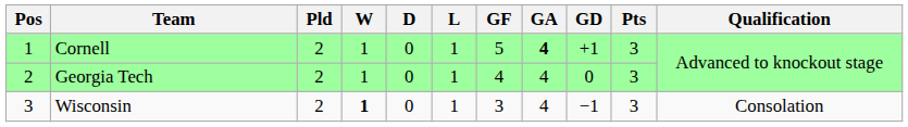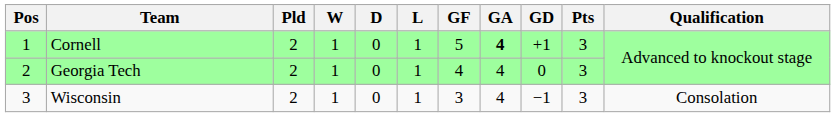 <table class="wikitable" style="text-align:center; margin: 1em auto">
 <tr>
 <th style="width:2em">Pos</th>
 <th style="width:13em">Team</th>
 <th style="width:2em">Pld</th>
 <th style="width:2em">W</th>
 <th style="width:2em">D</th>
 <th style="width:2em">L</th>
 <th style="width:2em">GF</th>
 <th style="width:2em">GA</th>
 <th style="width:2em">GD</th>
 <th style="width:2em">Pts</th>
 <th style="width:13em">Qualification</th>
 </tr>
 <tr bgcolor="#9eff9e">
 <td>1</td>
 <td style="text-align:left">Cornell</td>
 <td>2</td>
 <td>1</td>
 <td>0</td>
 <td>1</td>
 <td>5</td>
 <td><strong>4</strong></td>
 <td>+1</td>
 <td>3</td>
 <td rowspan="2">Advanced to knockout stage</td>
 </tr>
 <tr bgcolor="#9eff9e">
 <td>2</td>
 <td style="text-align:left">Georgia Tech</td>
 <td>2</td>
 <td>1</td>
 <td>0</td>
 <td>1</td>
 <td>4</td>
 <td>4</td>
 <td>0</td>
 <td>3</td>
 </tr>
 <tr>
 <td>3</td>
 <td style="text-align:left">Wisconsin</td>
 <td>2</td>
-<td><strong>1</strong></td>
+<td>1</td>
 <td>0</td>
 <td>1</td>
 <td>3</td>
 <td>4</td>
 <td>−1</td>
 <td>3</td>
 <td>Consolation</td>
 </tr>
 </table>
